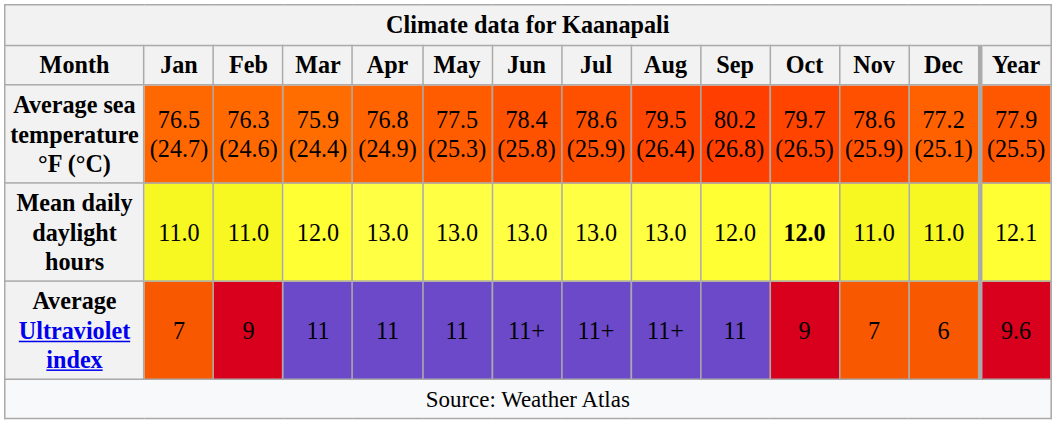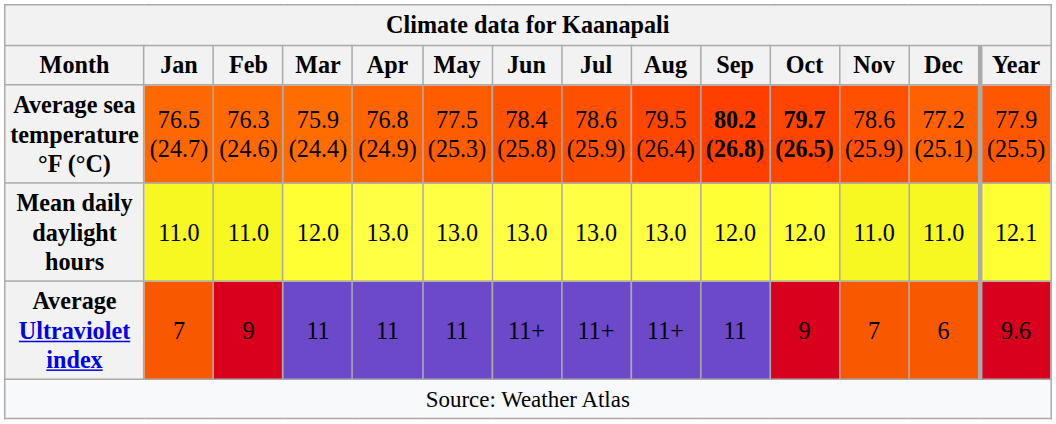 <table style="width:70%;text-align:center;line-height:1.2em;margin-left:auto;margin-right:auto" class="wikitable mw-collapsible">
 <tr>
 <th Colspan=14>Climate data for Kaanapali</th>
 </tr>
 <tr>
 <th>Month</th>
 <th>Jan</th>
 <th>Feb</th>
 <th>Mar</th>
 <th>Apr</th>
 <th>May</th>
 <th>Jun</th>
 <th>Jul</th>
 <th>Aug</th>
 <th>Sep</th>
 <th>Oct</th>
 <th>Nov</th>
 <th>Dec</th>
 <th style="border-left-width:medium">Year</th>
 </tr>
 <tr>
 <th>Average sea temperature °F (°C)</th>
 <td style="background:#FF6700;color:#000000;">76.5<br>(24.7)</td>
 <td style="background:#FF6900;color:#000000;">76.3<br>(24.6)</td>
 <td style="background:#FF6D00;color:#000000;">75.9<br>(24.4)</td>
 <td style="background:#FF6400;color:#000000;">76.8<br>(24.9)</td>
 <td style="background:#FF5C00;color:#000000;">77.5<br>(25.3)</td>
 <td style="background:#FF5200;color:#000000;">78.4<br>(25.8)</td>
 <td style="background:#FF5000;color:#000000;">78.6<br>(25.9)</td>
 <td style="background:#FF4600;color:#000000;">79.5<br>(26.4)</td>
-<td style="background:#FF3E00;color:#000000;">80.2<br>(26.8)</td>
-<td style="background:#FF4400;color:#000000;">79.7<br>(26.5)</td>
+<td style="background:#FF3E00;color:#000000;"><strong>80.2<br>(26.8)</strong></td>
+<td style="background:#FF4400;color:#000000;"><strong>79.7<br>(26.5)</strong></td>
 <td style="background:#FF5000;color:#000000;">78.6<br>(25.9)</td>
 <td style="background:#FF6000;color:#000000;">77.2<br>(25.1)</td>
 <td style="background:#FF5700;color:#000000;border-left-width:medium">77.9<br>(25.5)</td>
 </tr>
 <tr>
 <th>Mean daily daylight hours</th>
 <td style="background:#F7F722;color:#000000;">11.0</td>
 <td style="background:#F7F722;color:#000000;">11.0</td>
 <td style="background:#FFFF33;color:#000000;">12.0</td>
 <td style="background:#FFFF44;color:#000000;">13.0</td>
 <td style="background:#FFFF44;color:#000000;">13.0</td>
 <td style="background:#FFFF44;color:#000000;">13.0</td>
 <td style="background:#FFFF44;color:#000000;">13.0</td>
 <td style="background:#FFFF44;color:#000000;">13.0</td>
 <td style="background:#FFFF33;color:#000000;">12.0</td>
-<td style="background:#FFFF33;color:#000000;"><strong>12.0</strong></td>
+<td style="background:#FFFF33;color:#000000;">12.0</td>
 <td style="background:#F7F722;color:#000000;">11.0</td>
 <td style="background:#F7F722;color:#000000;">11.0</td>
 <td style="background:#FFFF34;color:#000000;border-left-width:medium">12.1</td>
 </tr>
 <tr>
 <th>Average <a href='#'>Ultraviolet index</a></th>
 <td style="background:#f85900;color:#000000;">7</td>
 <td style="background:#d8001d;color:#000000;">9</td>
 <td style="background:#6b49c8;color:#000000;">11</td>
 <td style="background:#6b49c8;color:#000000;">11</td>
 <td style="background:#6b49c8;color:#000000;">11</td>
 <td style="background:#6b49c8;color:#000000;">11+</td>
 <td style="background:#6b49c8;color:#000000;">11+</td>
 <td style="background:#6b49c8;color:#000000;">11+</td>
 <td style="background:#6b49c8;color:#000000;">11</td>
 <td style="background:#d8001d;color:#000000;">9</td>
 <td style="background:#f85900;color:#000000;">7</td>
 <td style="background:#f85900;color:#000000;">6</td>
 <td style="background:#d8001d;color:#000000;border-left-width:medium">9.6</td>
 </tr>
 <tr>
 <th Colspan=14 style="background:#f8f9fa;font-weight:normal;font-size:95%;">Source: Weather Atlas </th>
 </tr>
 </table>
